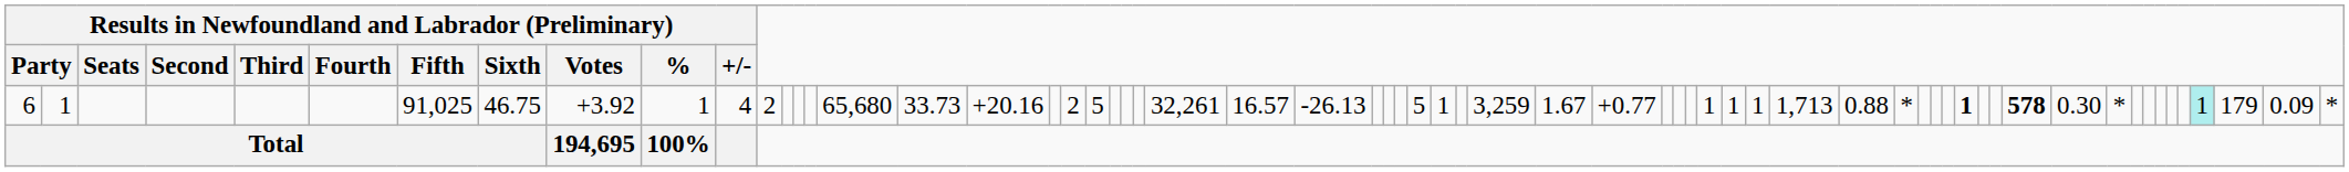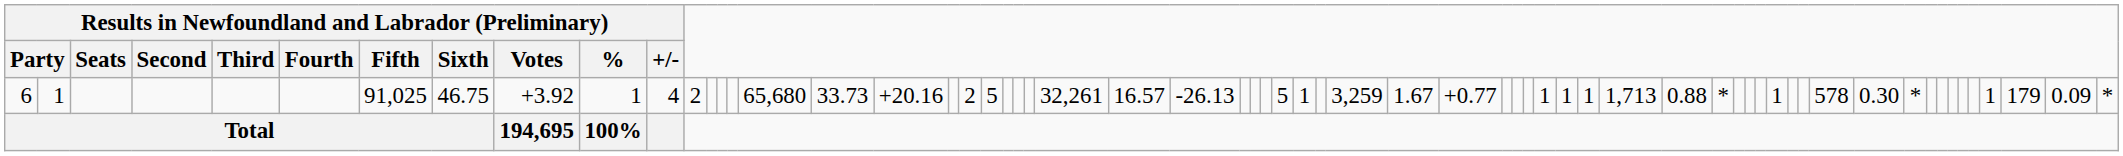 <table class="wikitable">
 <tr>
 <th align="center" colspan=11>Results in Newfoundland and Labrador (Preliminary)</th>
 </tr>
 <tr>
 <th align="centre" colspan=2>Party</th>
 <th align="right">Seats</th>
 <th align="right">Second</th>
 <th align="right">Third</th>
 <th align="right">Fourth</th>
 <th align="right">Fifth</th>
 <th align="right">Sixth</th>
 <th align="right">Votes</th>
 <th align="right">%</th>
 <th align="right">+/-</th>
 </tr>
 <tr>
 <td align="right">6</td>
 <td align="right">1</td>
 <td align="right"></td>
 <td align="right"></td>
 <td align="right"></td>
 <td align="right"></td>
 <td align="right">91,025</td>
 <td align="right">46.75</td>
 <td align="right">+3.92<br></td>
 <td align="right">1</td>
 <td align="right">4</td>
 <td align="right">2</td>
 <td align="right"></td>
 <td align="right"></td>
 <td align="right"></td>
 <td align="right">65,680</td>
 <td align="right">33.73</td>
 <td align="right">+20.16<br></td>
 <td align="right"></td>
 <td align="right">2</td>
 <td align="right">5</td>
 <td align="right"></td>
 <td align="right"></td>
 <td align="right"></td>
 <td align="right">32,261</td>
 <td align="right">16.57</td>
 <td align="right">-26.13<br></td>
 <td align="right"></td>
 <td align="right"></td>
 <td align="right"></td>
 <td align="right">5</td>
 <td align="right">1</td>
 <td align="right"></td>
 <td align="right">3,259</td>
 <td align="right">1.67</td>
 <td align="right">+0.77<br></td>
 <td align="right"></td>
 <td align="right"></td>
 <td align="right"></td>
 <td align="right">1</td>
 <td align="right">1</td>
 <td align="right">1</td>
 <td align="right">1,713</td>
 <td align="right">0.88</td>
 <td align="right">*<br></td>
 <td align="right"></td>
 <td align="right"></td>
 <td align="right"></td>
-<td align="right"><strong>1</strong></td>
+<td align="right">1</td>
 <td align="right"></td>
 <td align="right"></td>
-<td align="right"><strong>578</strong></td>
+<td align="right">578</td>
 <td align="right">0.30</td>
 <td align="right">*<br></td>
 <td align="right"></td>
 <td align="right"></td>
 <td align="right"></td>
 <td align="right"></td>
 <td align="right"></td>
-<td align="right" style="background: paleturquoise;">1</td>
+<td align="right">1</td>
 <td align="right">179</td>
 <td align="right">0.09</td>
 <td align="right">*</td>
 </tr>
 <tr bgcolor="white">
 <th align="left" colspan=8>Total</th>
 <th align="right">194,695</th>
 <th align="right">100%</th>
 <th align="right"></th>
 </tr>
 </table>
